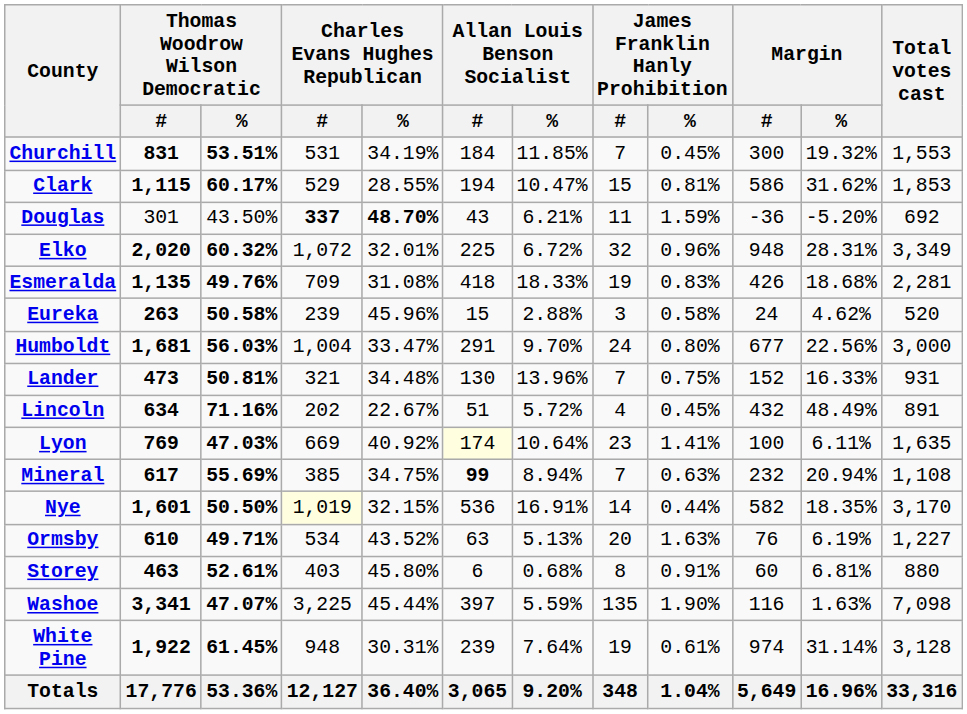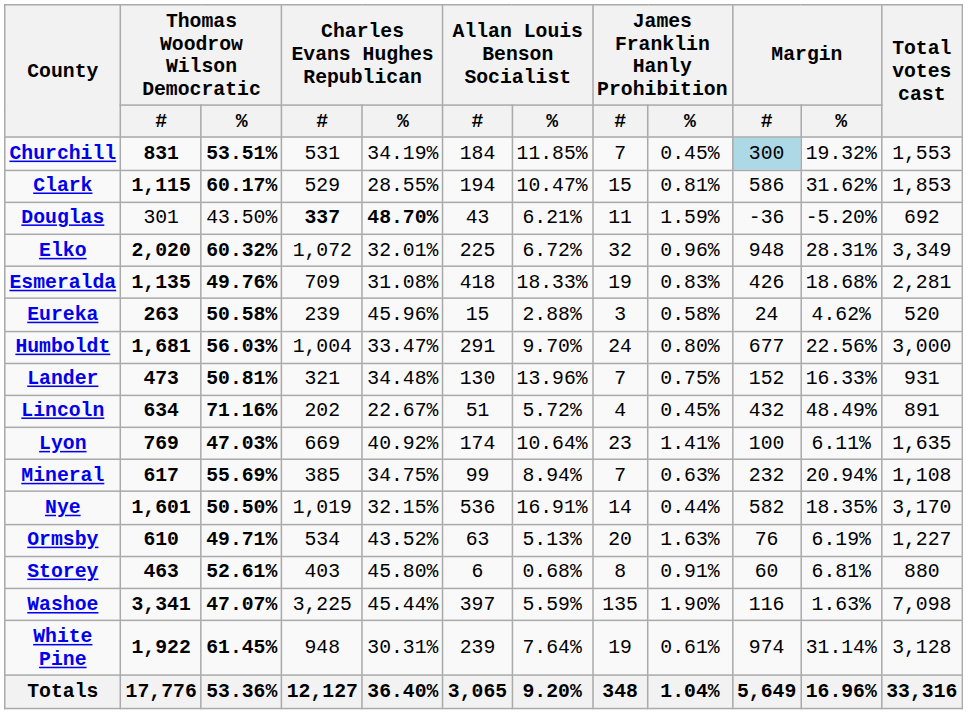 <table width="65%" class="wikitable sortable">
 <tr>
 <th style="text-align:center;" rowspan="2">County</th>
 <th style="text-align:center;" colspan="2">Thomas Woodrow Wilson<br>Democratic</th>
 <th style="text-align:center;" colspan="2">Charles Evans Hughes<br>Republican</th>
 <th style="text-align:center;" colspan="2">Allan Louis Benson<br>Socialist</th>
 <th style="text-align:center;" colspan="2">James Franklin Hanly<br>Prohibition</th>
 <th style="text-align:center;" colspan="2">Margin</th>
 <th style="text-align:center;" rowspan="2">Total votes cast</th>
 </tr>
 <tr bgcolor="lightgrey">
 <th style="text-align:center;" data-sort-type="number">#</th>
 <th style="text-align:center;" data-sort-type="number">%</th>
 <th style="text-align:center;" data-sort-type="number">#</th>
 <th style="text-align:center;" data-sort-type="number">%</th>
 <th style="text-align:center;" data-sort-type="number">#</th>
 <th style="text-align:center;" data-sort-type="number">%</th>
 <th style="text-align:center;" data-sort-type="number">#</th>
 <th style="text-align:center;" data-sort-type="number">%</th>
 <th style="text-align:center;" data-sort-type="number">#</th>
 <th style="text-align:center;" data-sort-type="number">%</th>
 </tr>
 <tr style="text-align:center;">
 <td><strong><a href='#'>Churchill</a></strong></td>
 <td><strong>831</strong></td>
 <td><strong>53.51%</strong></td>
 <td>531</td>
 <td>34.19%</td>
 <td>184</td>
 <td>11.85%</td>
 <td>7</td>
 <td>0.45%</td>
-<td>300</td>
+<td style="background: lightblue;">300</td>
 <td>19.32%</td>
 <td>1,553</td>
 </tr>
 <tr style="text-align:center;">
 <td><strong><a href='#'>Clark</a></strong></td>
 <td><strong>1,115</strong></td>
 <td><strong>60.17%</strong></td>
 <td>529</td>
 <td>28.55%</td>
 <td>194</td>
 <td>10.47%</td>
 <td>15</td>
 <td>0.81%</td>
 <td>586</td>
 <td>31.62%</td>
 <td>1,853</td>
 </tr>
 <tr style="text-align:center;">
 <td><strong><a href='#'>Douglas</a></strong></td>
 <td>301</td>
 <td>43.50%</td>
 <td><strong>337</strong></td>
 <td><strong>48.70%</strong></td>
 <td>43</td>
 <td>6.21%</td>
 <td>11</td>
 <td>1.59%</td>
 <td>-36</td>
 <td>-5.20%</td>
 <td>692</td>
 </tr>
 <tr style="text-align:center;">
 <td><strong><a href='#'>Elko</a></strong></td>
 <td><strong>2,020</strong></td>
 <td><strong>60.32%</strong></td>
 <td>1,072</td>
 <td>32.01%</td>
 <td>225</td>
 <td>6.72%</td>
 <td>32</td>
 <td>0.96%</td>
 <td>948</td>
 <td>28.31%</td>
 <td>3,349</td>
 </tr>
 <tr style="text-align:center;">
 <td><strong><a href='#'>Esmeralda</a></strong></td>
 <td><strong>1,135</strong></td>
 <td><strong>49.76%</strong></td>
 <td>709</td>
 <td>31.08%</td>
 <td>418</td>
 <td>18.33%</td>
 <td>19</td>
 <td>0.83%</td>
 <td>426</td>
 <td>18.68%</td>
 <td>2,281</td>
 </tr>
 <tr style="text-align:center;">
 <td><strong><a href='#'>Eureka</a></strong></td>
 <td><strong>263</strong></td>
 <td><strong>50.58%</strong></td>
 <td>239</td>
 <td>45.96%</td>
 <td>15</td>
 <td>2.88%</td>
 <td>3</td>
 <td>0.58%</td>
 <td>24</td>
 <td>4.62%</td>
 <td>520</td>
 </tr>
 <tr style="text-align:center;">
 <td><strong><a href='#'>Humboldt</a></strong></td>
 <td><strong>1,681</strong></td>
 <td><strong>56.03%</strong></td>
 <td>1,004</td>
 <td>33.47%</td>
 <td>291</td>
 <td>9.70%</td>
 <td>24</td>
 <td>0.80%</td>
 <td>677</td>
 <td>22.56%</td>
 <td>3,000</td>
 </tr>
 <tr style="text-align:center;">
 <td><strong><a href='#'>Lander</a></strong></td>
 <td><strong>473</strong></td>
 <td><strong>50.81%</strong></td>
 <td>321</td>
 <td>34.48%</td>
 <td>130</td>
 <td>13.96%</td>
 <td>7</td>
 <td>0.75%</td>
 <td>152</td>
 <td>16.33%</td>
 <td>931</td>
 </tr>
 <tr style="text-align:center;">
 <td><strong><a href='#'>Lincoln</a></strong></td>
 <td><strong>634</strong></td>
 <td><strong>71.16%</strong></td>
 <td>202</td>
 <td>22.67%</td>
 <td>51</td>
 <td>5.72%</td>
 <td>4</td>
 <td>0.45%</td>
 <td>432</td>
 <td>48.49%</td>
 <td>891</td>
 </tr>
 <tr style="text-align:center;">
 <td><strong><a href='#'>Lyon</a></strong></td>
 <td><strong>769</strong></td>
 <td><strong>47.03%</strong></td>
 <td>669</td>
 <td>40.92%</td>
-<td style="background: lightyellow;">174</td>
+<td>174</td>
 <td>10.64%</td>
 <td>23</td>
 <td>1.41%</td>
 <td>100</td>
 <td>6.11%</td>
 <td>1,635</td>
 </tr>
 <tr style="text-align:center;">
 <td><strong><a href='#'>Mineral</a></strong></td>
 <td><strong>617</strong></td>
 <td><strong>55.69%</strong></td>
 <td>385</td>
 <td>34.75%</td>
-<td><strong>99</strong></td>
+<td>99</td>
 <td>8.94%</td>
 <td>7</td>
 <td>0.63%</td>
 <td>232</td>
 <td>20.94%</td>
 <td>1,108</td>
 </tr>
 <tr style="text-align:center;">
 <td><strong><a href='#'>Nye</a></strong></td>
 <td><strong>1,601</strong></td>
 <td><strong>50.50%</strong></td>
-<td style="background: lightyellow;">1,019</td>
+<td>1,019</td>
 <td>32.15%</td>
 <td>536</td>
 <td>16.91%</td>
 <td>14</td>
 <td>0.44%</td>
 <td>582</td>
 <td>18.35%</td>
 <td>3,170</td>
 </tr>
 <tr style="text-align:center;">
 <td><strong><a href='#'>Ormsby</a></strong></td>
 <td><strong>610</strong></td>
 <td><strong>49.71%</strong></td>
 <td>534</td>
 <td>43.52%</td>
 <td>63</td>
 <td>5.13%</td>
 <td>20</td>
 <td>1.63%</td>
 <td>76</td>
 <td>6.19%</td>
 <td>1,227</td>
 </tr>
 <tr style="text-align:center;">
 <td><strong><a href='#'>Storey</a></strong></td>
 <td><strong>463</strong></td>
 <td><strong>52.61%</strong></td>
 <td>403</td>
 <td>45.80%</td>
 <td>6</td>
 <td>0.68%</td>
 <td>8</td>
 <td>0.91%</td>
 <td>60</td>
 <td>6.81%</td>
 <td>880</td>
 </tr>
 <tr style="text-align:center;">
 <td><strong><a href='#'>Washoe</a></strong></td>
 <td><strong>3,341</strong></td>
 <td><strong>47.07%</strong></td>
 <td>3,225</td>
 <td>45.44%</td>
 <td>397</td>
 <td>5.59%</td>
 <td>135</td>
 <td>1.90%</td>
 <td>116</td>
 <td>1.63%</td>
 <td>7,098</td>
 </tr>
 <tr style="text-align:center;">
 <td><strong><a href='#'>White Pine</a></strong></td>
 <td><strong>1,922</strong></td>
 <td><strong>61.45%</strong></td>
 <td>948</td>
 <td>30.31%</td>
 <td>239</td>
 <td>7.64%</td>
 <td>19</td>
 <td>0.61%</td>
 <td>974</td>
 <td>31.14%</td>
 <td>3,128</td>
 </tr>
 <tr>
 <th>Totals</th>
 <th>17,776</th>
 <th>53.36%</th>
 <th>12,127</th>
 <th>36.40%</th>
 <th>3,065</th>
 <th>9.20%</th>
 <th>348</th>
 <th>1.04%</th>
 <th>5,649</th>
 <th>16.96%</th>
 <th>33,316</th>
 </tr>
 </table>
